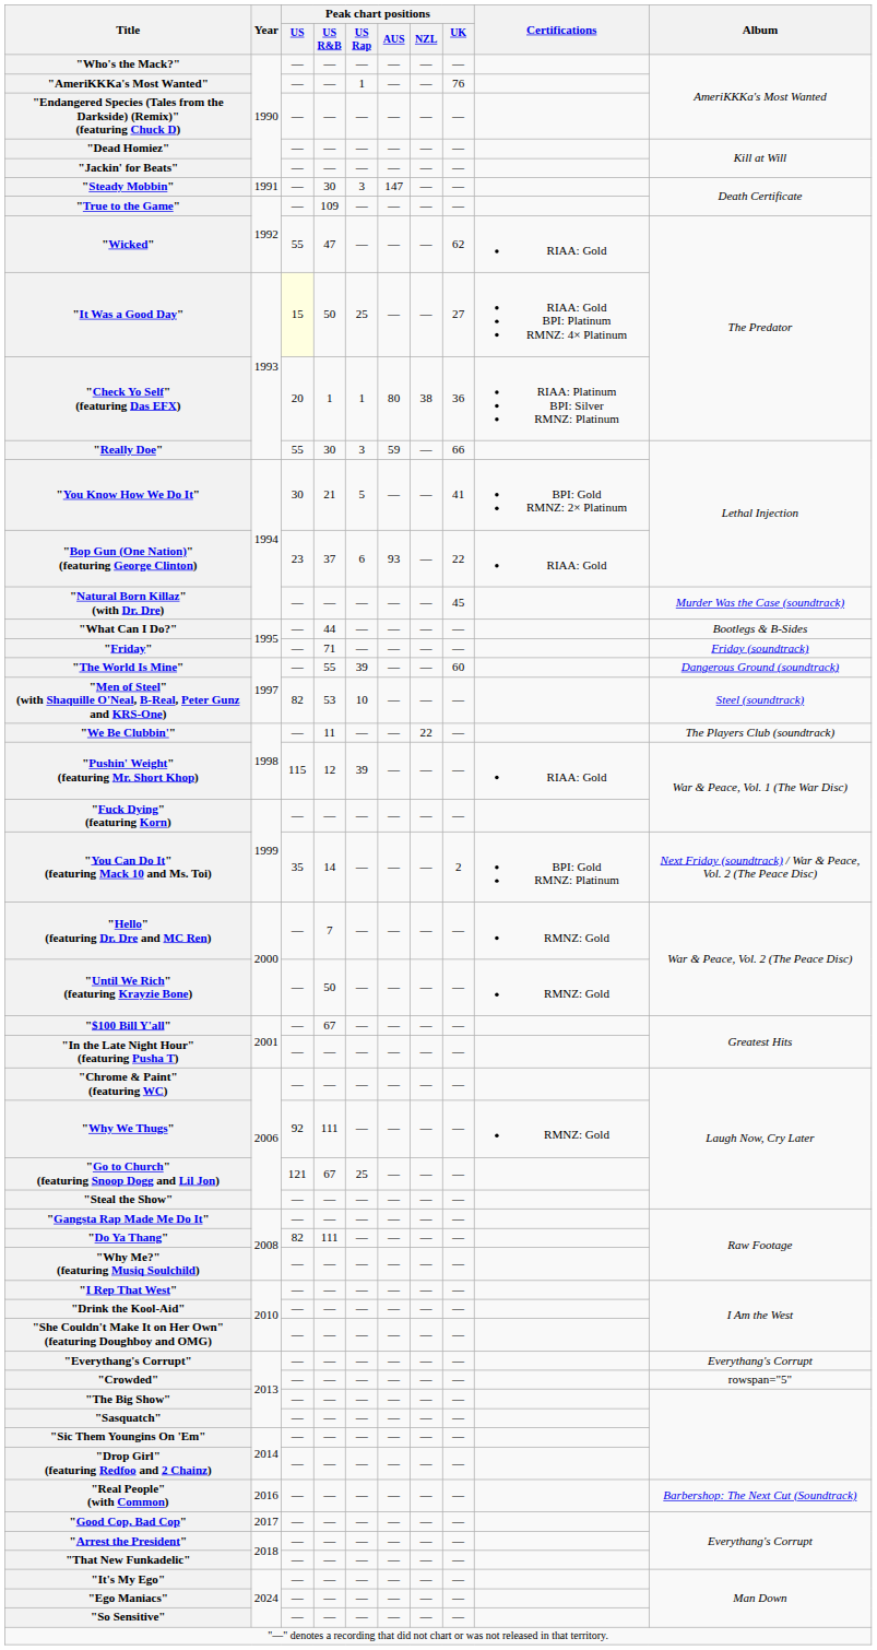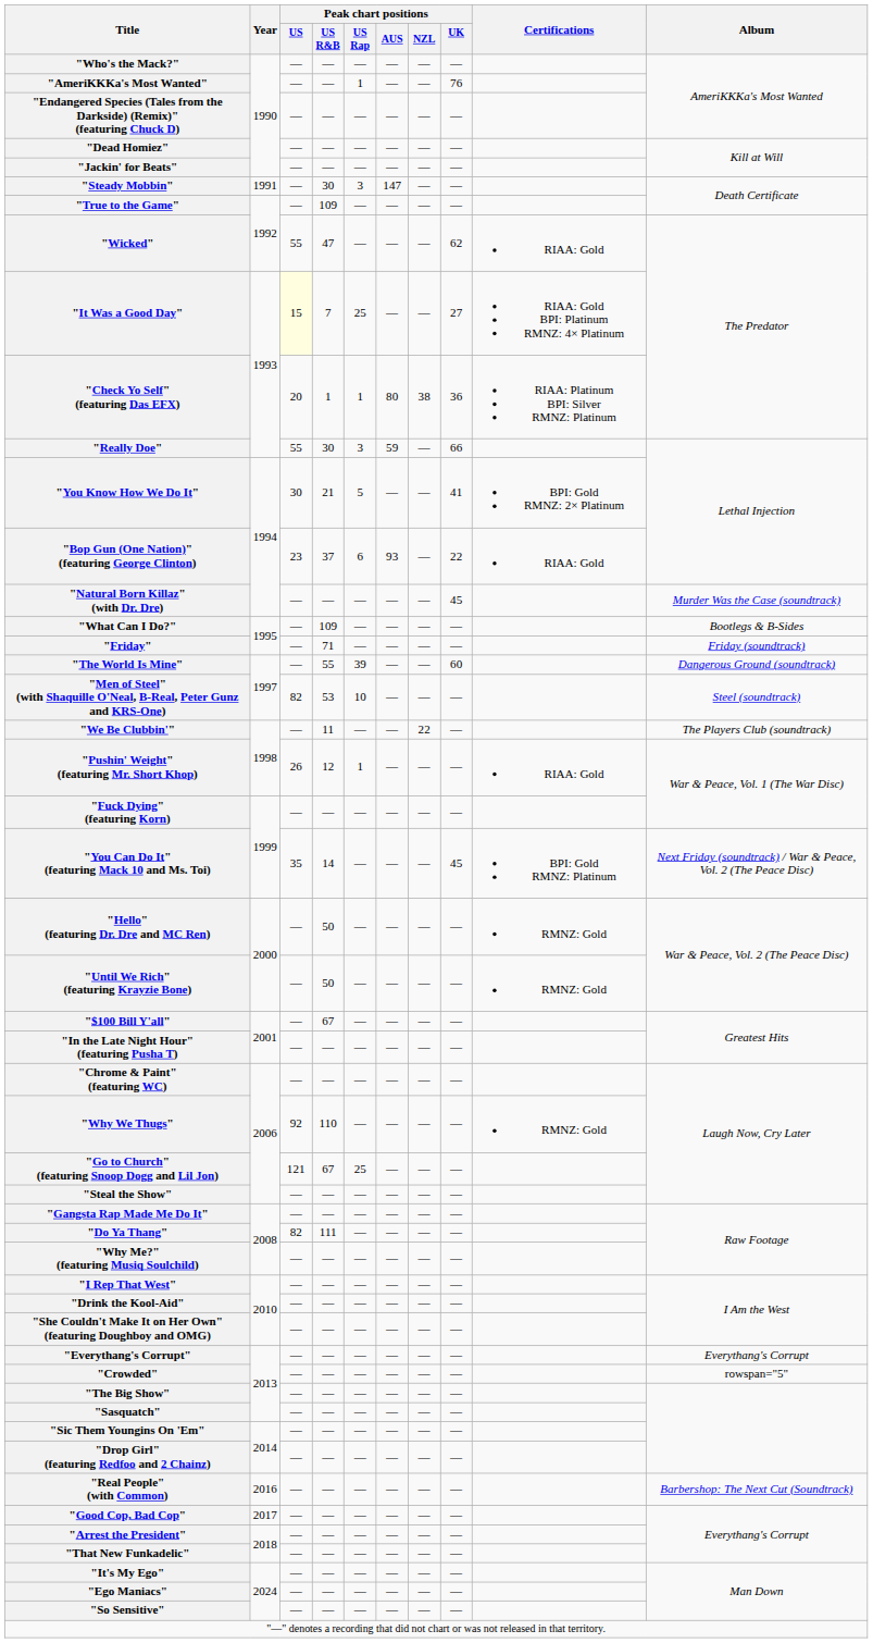 <table class="wikitable plainrowheaders" style="text-align:center;">
 <tr>
 <th scope="col" rowspan="2" style="width:20em;">Title</th>
 <th scope="col" rowspan="2" style="width:1em;">Year</th>
 <th scope="col" colspan="6">Peak chart positions</th>
 <th scope="col" rowspan="2" style="width:14em;"><a href='#'>Certifications</a></th>
 <th scope="col" rowspan="2" style="width:18em;">Album</th>
 </tr>
 <tr>
 <th scope="col" style="width:2.5em;font-size:90%;"><a href='#'>US</a><br><br></th>
 <th scope="col" style="width:2.5em;font-size:90%;"><a href='#'>US<br>R&B</a><br></th>
 <th scope="col" style="width:2.5em;font-size:90%;"><a href='#'>US<br>Rap</a><br></th>
 <th scope="col" style="width:2.5em;font-size:90%;"><a href='#'>AUS</a><br></th>
 <th scope="col" style="width:2.5em;font-size:90%;"><a href='#'>NZL</a><br></th>
 <th scope="col" style="width:2.5em;font-size:90%;"><a href='#'>UK</a><br><br></th>
 </tr>
 <tr>
 <th scope="row">"Who's the Mack?"</th>
 <td rowspan="5">1990</td>
 <td>—</td>
 <td>—</td>
 <td>—</td>
 <td>—</td>
 <td>—</td>
 <td>—</td>
 <td></td>
 <td rowspan="3"><em>AmeriKKKa's Most Wanted</em></td>
 </tr>
 <tr>
 <th scope="row">"AmeriKKKa's Most Wanted"</th>
 <td>—</td>
 <td>—</td>
 <td>1</td>
 <td>—</td>
 <td>—</td>
 <td>76</td>
 <td></td>
 </tr>
 <tr>
 <th scope="row">"Endangered Species (Tales from the Darkside) (Remix)"<br><span>(featuring <a href='#'>Chuck D</a>)</span></th>
 <td>—</td>
 <td>—</td>
 <td>—</td>
 <td>—</td>
 <td>—</td>
 <td>—</td>
 <td></td>
 </tr>
 <tr>
 <th scope="row">"Dead Homiez"</th>
 <td>—</td>
 <td>—</td>
 <td>—</td>
 <td>—</td>
 <td>—</td>
 <td>—</td>
 <td></td>
 <td rowspan="2"><em>Kill at Will</em></td>
 </tr>
 <tr>
 <th scope="row">"Jackin' for Beats"</th>
 <td>—</td>
 <td>—</td>
 <td>—</td>
 <td>—</td>
 <td>—</td>
 <td>—</td>
 <td></td>
 </tr>
 <tr>
 <th scope="row">"<a href='#'>Steady Mobbin</a>"</th>
 <td>1991</td>
 <td>—</td>
 <td>30</td>
 <td>3</td>
 <td>147</td>
 <td>—</td>
 <td>—</td>
 <td></td>
 <td rowspan="2"><em>Death Certificate</em></td>
 </tr>
 <tr>
 <th scope="row">"<a href='#'>True to the Game</a>"</th>
 <td rowspan="2">1992</td>
 <td>—</td>
 <td>109</td>
 <td>—</td>
 <td>—</td>
 <td>—</td>
 <td>—</td>
 <td></td>
 </tr>
 <tr>
 <th scope="row">"<a href='#'>Wicked</a>"</th>
 <td>55</td>
 <td>47</td>
 <td>—</td>
 <td>—</td>
 <td>—</td>
 <td>62</td>
 <td><br><ul><li>RIAA: Gold</li></ul></td>
 <td rowspan="3"><em>The Predator</em></td>
 </tr>
 <tr>
 <th scope="row">"<a href='#'>It Was a Good Day</a>"</th>
 <td rowspan="3">1993</td>
 <td style="background: lightyellow;">15</td>
-<td>50</td>
+<td>7</td>
 <td>25</td>
 <td>—</td>
 <td>—</td>
 <td>27</td>
 <td><br><ul><li>RIAA: Gold</li><li>BPI: Platinum</li><li>RMNZ: 4× Platinum</li></ul></td>
 </tr>
 <tr>
 <th scope="row">"<a href='#'>Check Yo Self</a>"<br><span>(featuring <a href='#'>Das EFX</a>)</span></th>
 <td>20</td>
 <td>1</td>
 <td>1</td>
 <td>80</td>
 <td>38</td>
 <td>36</td>
 <td><br><ul><li>RIAA: Platinum</li><li>BPI: Silver</li><li>RMNZ: Platinum</li></ul></td>
 </tr>
 <tr>
 <th scope="row">"<a href='#'>Really Doe</a>"</th>
 <td>55</td>
 <td>30</td>
 <td>3</td>
 <td>59</td>
 <td>—</td>
 <td>66</td>
 <td></td>
 <td rowspan="3"><em>Lethal Injection</em></td>
 </tr>
 <tr>
 <th scope="row">"<a href='#'>You Know How We Do It</a>"</th>
 <td rowspan="3">1994</td>
 <td>30</td>
 <td>21</td>
 <td>5</td>
 <td>—</td>
 <td>—</td>
 <td>41</td>
 <td><br><ul><li>BPI: Gold</li><li>RMNZ: 2× Platinum</li></ul></td>
 </tr>
 <tr>
 <th scope="row">"<a href='#'>Bop Gun (One Nation)</a>"<br><span>(featuring <a href='#'>George Clinton</a>)</span></th>
 <td>23</td>
 <td>37</td>
 <td>6</td>
 <td>93</td>
 <td>—</td>
 <td>22</td>
 <td><br><ul><li>RIAA: Gold</li></ul></td>
 </tr>
 <tr>
 <th scope="row">"<a href='#'>Natural Born Killaz</a>"<br><span>(with <a href='#'>Dr. Dre</a>)</span></th>
 <td>—</td>
 <td>—</td>
 <td>—</td>
 <td>—</td>
 <td>—</td>
 <td>45</td>
 <td></td>
 <td><em><a href='#'>Murder Was the Case (soundtrack)</a></em></td>
 </tr>
 <tr>
 <th scope="row">"What Can I Do?"</th>
 <td rowspan="2">1995</td>
 <td>—</td>
-<td>44</td>
+<td>109</td>
 <td>—</td>
 <td>—</td>
 <td>—</td>
 <td>—</td>
 <td></td>
 <td><em>Bootlegs & B-Sides</em></td>
 </tr>
 <tr>
 <th scope="row">"<a href='#'>Friday</a>"</th>
 <td>—</td>
 <td>71</td>
 <td>—</td>
 <td>—</td>
 <td>—</td>
 <td>—</td>
 <td></td>
 <td><em><a href='#'>Friday (soundtrack)</a></em></td>
 </tr>
 <tr>
 <th scope="row">"<a href='#'>The World Is Mine</a>"</th>
 <td rowspan="2">1997</td>
 <td>—</td>
 <td>55</td>
 <td>39</td>
 <td>—</td>
 <td>—</td>
 <td>60</td>
 <td></td>
 <td><em><a href='#'>Dangerous Ground (soundtrack)</a></em></td>
 </tr>
 <tr>
 <th scope="row">"<a href='#'>Men of Steel</a>"<br><span>(with <a href='#'>Shaquille O'Neal</a>, <a href='#'>B-Real</a>, <a href='#'>Peter Gunz</a> and <a href='#'>KRS-One</a>)</span></th>
 <td>82</td>
 <td>53</td>
 <td>10</td>
 <td>—</td>
 <td>—</td>
 <td>—</td>
 <td></td>
 <td><em><a href='#'>Steel (soundtrack)</a></em></td>
 </tr>
 <tr>
 <th scope="row">"<a href='#'>We Be Clubbin'</a>"</th>
 <td rowspan="2">1998</td>
 <td>—</td>
 <td>11</td>
 <td>—</td>
 <td>—</td>
 <td>22</td>
 <td>—</td>
 <td></td>
 <td><em>The Players Club (soundtrack)</em></td>
 </tr>
 <tr>
 <th scope="row">"<a href='#'>Pushin' Weight</a>"<br><span>(featuring <a href='#'>Mr. Short Khop</a>)</span></th>
-<td>115</td>
+<td>26</td>
 <td>12</td>
-<td>39</td>
+<td>1</td>
 <td>—</td>
 <td>—</td>
 <td>—</td>
 <td><br><ul><li>RIAA: Gold</li></ul></td>
 <td rowspan="2"><em>War & Peace, Vol. 1 (The War Disc)</em></td>
 </tr>
 <tr>
 <th scope="row">"<a href='#'>Fuck Dying</a>"<br><span>(featuring <a href='#'>Korn</a>)</span></th>
 <td rowspan="2">1999</td>
 <td>—</td>
 <td>—</td>
 <td>—</td>
 <td>—</td>
 <td>—</td>
 <td>—</td>
 <td></td>
 </tr>
 <tr>
 <th scope="row">"<a href='#'>You Can Do It</a>"<br><span>(featuring <a href='#'>Mack 10</a> and Ms. Toi)</span></th>
 <td>35</td>
 <td>14</td>
 <td>—</td>
 <td>—</td>
 <td>—</td>
-<td>2</td>
+<td>45</td>
 <td><br><ul><li>BPI: Gold</li><li>RMNZ: Platinum</li></ul></td>
 <td><em><a href='#'>Next Friday (soundtrack)</a> / War & Peace, Vol. 2 (The Peace Disc)</em></td>
 </tr>
 <tr>
 <th scope="row">"<a href='#'>Hello</a>"<br><span>(featuring <a href='#'>Dr. Dre</a> and <a href='#'>MC Ren</a>)</span></th>
 <td rowspan="2">2000</td>
 <td>—</td>
-<td>7</td>
+<td>50</td>
 <td>—</td>
 <td>—</td>
 <td>—</td>
 <td>—</td>
 <td><br><ul><li>RMNZ: Gold</li></ul></td>
 <td rowspan="2"><em>War & Peace, Vol. 2 (The Peace Disc)</em></td>
 </tr>
 <tr>
 <th scope="row">"<a href='#'>Until We Rich</a>"<br><span>(featuring <a href='#'>Krayzie Bone</a>)</span></th>
 <td>—</td>
 <td>50</td>
 <td>—</td>
 <td>—</td>
 <td>—</td>
 <td>—</td>
 <td><br><ul><li>RMNZ: Gold</li></ul></td>
 </tr>
 <tr>
 <th scope="row">"<a href='#'>$100 Bill Y'all</a>"</th>
 <td rowspan="2">2001</td>
 <td>—</td>
 <td>67</td>
 <td>—</td>
 <td>—</td>
 <td>—</td>
 <td>—</td>
 <td></td>
 <td rowspan="2"><em>Greatest Hits</em></td>
 </tr>
 <tr>
 <th scope="row">"In the Late Night Hour"<br><span>(featuring <a href='#'>Pusha T</a>)</span></th>
 <td>—</td>
 <td>—</td>
 <td>—</td>
 <td>—</td>
 <td>—</td>
 <td>—</td>
 <td></td>
 </tr>
 <tr>
 <th scope="row">"Chrome & Paint"<br><span>(featuring <a href='#'>WC</a>)</span></th>
 <td rowspan="4">2006</td>
 <td>—</td>
 <td>—</td>
 <td>—</td>
 <td>—</td>
 <td>—</td>
 <td>—</td>
 <td></td>
 <td rowspan="4"><em>Laugh Now, Cry Later</em></td>
 </tr>
 <tr>
 <th scope="row">"<a href='#'>Why We Thugs</a>"</th>
 <td>92</td>
-<td>111</td>
+<td>110</td>
 <td>—</td>
 <td>—</td>
 <td>—</td>
 <td>—</td>
 <td><br><ul><li>RMNZ: Gold</li></ul></td>
 </tr>
 <tr>
 <th scope="row">"<a href='#'>Go to Church</a>"<br><span>(featuring <a href='#'>Snoop Dogg</a> and <a href='#'>Lil Jon</a>)</span></th>
 <td>121</td>
 <td>67</td>
 <td>25</td>
 <td>—</td>
 <td>—</td>
 <td>—</td>
 <td></td>
 </tr>
 <tr>
 <th scope="row">"Steal the Show"</th>
 <td>—</td>
 <td>—</td>
 <td>—</td>
 <td>—</td>
 <td>—</td>
 <td>—</td>
 <td></td>
 </tr>
 <tr>
 <th scope="row">"<a href='#'>Gangsta Rap Made Me Do It</a>"</th>
 <td rowspan="3">2008</td>
 <td>—</td>
 <td>—</td>
 <td>—</td>
 <td>—</td>
 <td>—</td>
 <td>—</td>
 <td></td>
 <td rowspan="3"><em>Raw Footage</em></td>
 </tr>
 <tr>
 <th scope="row">"<a href='#'>Do Ya Thang</a>"</th>
 <td>82</td>
 <td>111</td>
 <td>—</td>
 <td>—</td>
 <td>—</td>
 <td>—</td>
 <td></td>
 </tr>
 <tr>
 <th scope="row">"Why Me?"<br><span>(featuring <a href='#'>Musiq Soulchild</a>)</span></th>
 <td>—</td>
 <td>—</td>
 <td>—</td>
 <td>—</td>
 <td>—</td>
 <td>—</td>
 <td></td>
 </tr>
 <tr>
 <th scope="row">"<a href='#'>I Rep That West</a>"</th>
 <td rowspan="3">2010</td>
 <td>—</td>
 <td>—</td>
 <td>—</td>
 <td>—</td>
 <td>—</td>
 <td>—</td>
 <td></td>
 <td rowspan="3"><em>I Am the West</em></td>
 </tr>
 <tr>
 <th scope="row">"Drink the Kool-Aid"</th>
 <td>—</td>
 <td>—</td>
 <td>—</td>
 <td>—</td>
 <td>—</td>
 <td>—</td>
 <td></td>
 </tr>
 <tr>
 <th scope="row">"She Couldn't Make It on Her Own"<br><span>(featuring Doughboy and OMG)</span></th>
 <td>—</td>
 <td>—</td>
 <td>—</td>
 <td>—</td>
 <td>—</td>
 <td>—</td>
 <td></td>
 </tr>
 <tr>
 <th scope="row">"Everythang's Corrupt"</th>
 <td rowspan="4">2013</td>
 <td>—</td>
 <td>—</td>
 <td>—</td>
 <td>—</td>
 <td>—</td>
 <td>—</td>
 <td></td>
 <td><em>Everythang's Corrupt</em></td>
 </tr>
 <tr>
 <th scope="row">"Crowded"</th>
 <td>—</td>
 <td>—</td>
 <td>—</td>
 <td>—</td>
 <td>—</td>
 <td>—</td>
 <td></td>
 <td>rowspan="5" </td>
 </tr>
 <tr>
 <th scope="row">"The Big Show"</th>
 <td>—</td>
 <td>—</td>
 <td>—</td>
 <td>—</td>
 <td>—</td>
 <td>—</td>
 <td></td>
 </tr>
 <tr>
 <th scope="row">"Sasquatch"</th>
 <td>—</td>
 <td>—</td>
 <td>—</td>
 <td>—</td>
 <td>—</td>
 <td>—</td>
 <td></td>
 </tr>
 <tr>
 <th scope="row">"Sic Them Youngins On 'Em"</th>
 <td rowspan="2">2014</td>
 <td>—</td>
 <td>—</td>
 <td>—</td>
 <td>—</td>
 <td>—</td>
 <td>—</td>
 <td></td>
 </tr>
 <tr>
 <th scope="row">"Drop Girl"<br><span>(featuring <a href='#'>Redfoo</a> and <a href='#'>2 Chainz</a>)</span></th>
 <td>—</td>
 <td>—</td>
 <td>—</td>
 <td>—</td>
 <td>—</td>
 <td>—</td>
 <td></td>
 </tr>
 <tr>
 <th scope="row">"Real People"<br><span>(with <a href='#'>Common</a>)</span></th>
 <td>2016</td>
 <td>—</td>
 <td>—</td>
 <td>—</td>
 <td>—</td>
 <td>—</td>
 <td>—</td>
 <td></td>
 <td><em><a href='#'>Barbershop: The Next Cut (Soundtrack)</a></em></td>
 </tr>
 <tr>
 <th scope="row">"<a href='#'>Good Cop, Bad Cop</a>"</th>
 <td>2017</td>
 <td>—</td>
 <td>—</td>
 <td>—</td>
 <td>—</td>
 <td>—</td>
 <td>—</td>
 <td></td>
 <td rowspan="3"><em>Everythang's Corrupt</em></td>
 </tr>
 <tr>
 <th scope="row">"<a href='#'>Arrest the President</a>"</th>
 <td rowspan="2">2018</td>
 <td>—</td>
 <td>—</td>
 <td>—</td>
 <td>—</td>
 <td>—</td>
 <td>—</td>
 <td></td>
 </tr>
 <tr>
 <th scope="row">"That New Funkadelic"</th>
 <td>—</td>
 <td>—</td>
 <td>—</td>
 <td>—</td>
 <td>—</td>
 <td>—</td>
 <td></td>
 </tr>
 <tr>
 <th scope="row">"It's My Ego"</th>
 <td rowspan="3">2024</td>
 <td>—</td>
 <td>—</td>
 <td>—</td>
 <td>—</td>
 <td>—</td>
 <td>—</td>
 <td></td>
 <td rowspan="3"><em>Man Down</em></td>
 </tr>
 <tr>
 <th scope="row">"Ego Maniacs"<br></th>
 <td>—</td>
 <td>—</td>
 <td>—</td>
 <td>—</td>
 <td>—</td>
 <td>—</td>
 <td></td>
 </tr>
 <tr>
 <th scope="row">"So Sensitive"</th>
 <td>—</td>
 <td>—</td>
 <td>—</td>
 <td>—</td>
 <td>—</td>
 <td>—</td>
 <td></td>
 </tr>
 <tr>
 <td colspan="14" style="font-size:90%">"—" denotes a recording that did not chart or was not released in that territory.</td>
 </tr>
 </table>
